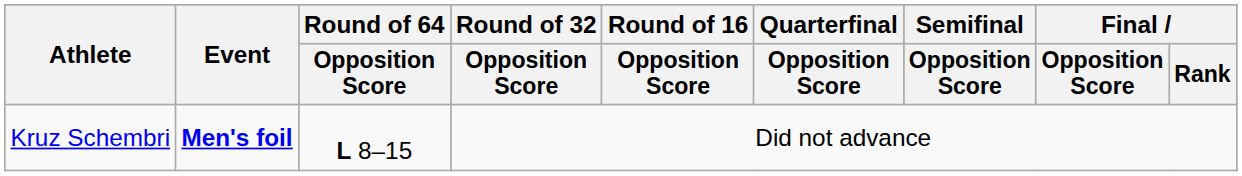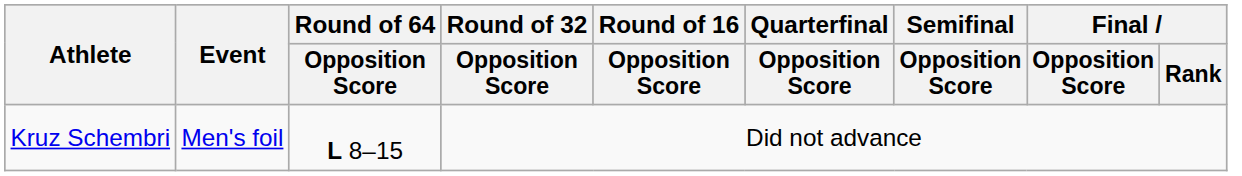 <table class=wikitable style=font-size:90%>
 <tr>
 <th rowspan=2>Athlete</th>
 <th rowspan=2>Event</th>
 <th>Round of 64</th>
 <th>Round of 32</th>
 <th>Round of 16</th>
 <th>Quarterfinal</th>
 <th>Semifinal</th>
 <th colspan=2>Final / </th>
 </tr>
 <tr style=font-size:95%>
 <th>Opposition <br> Score</th>
 <th>Opposition <br> Score</th>
 <th>Opposition <br> Score</th>
 <th>Opposition <br> Score</th>
 <th>Opposition <br> Score</th>
 <th>Opposition <br> Score</th>
 <th>Rank</th>
 </tr>
 <tr align=center>
 <td align=left><a href='#'>Kruz Schembri</a></td>
-<td align=left><strong><a href='#'>Men's foil</a></strong></td>
+<td align=left><a href='#'>Men's foil</a></td>
 <td><br><strong>L</strong> 8–15</td>
 <td colspan=6>Did not advance</td>
 </tr>
 </table>
